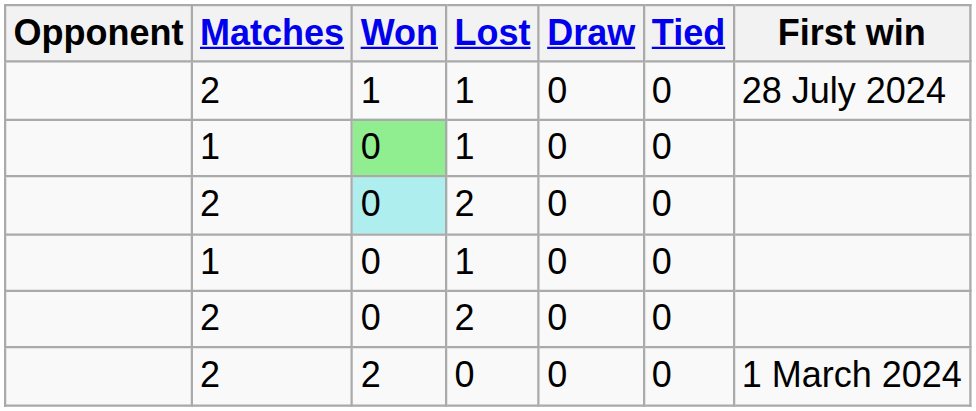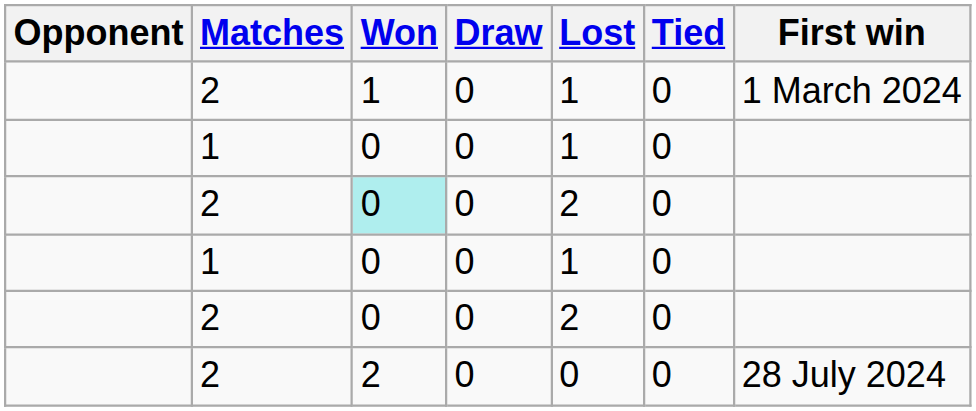 <table class="wikitable plainrowheaders sortable">
 <tr>
 <th scope="col">Opponent</th>
 <th scope="col"><a href='#'>Matches</a></th>
 <th scope="col"><a href='#'>Won</a></th>
+<th scope="col"><a href='#'>Draw</a></th>
 <th scope="col"><a href='#'>Lost</a></th>
-<th scope="col"><a href='#'>Draw</a></th>
 <th scope="col"><a href='#'>Tied</a></th>
 <th scope="col">First win</th>
 </tr>
 <tr>
 <td style="text-align:left;"></td>
 <td>2</td>
 <td>1</td>
+<td>0</td>
 <td>1</td>
 <td>0</td>
-<td>0</td>
-<td>28 July 2024</td>
+<td>1 March 2024</td>
 </tr>
 <tr>
 <td style="text-align:left;"></td>
 <td>1</td>
-<td style="background: lightgreen;">0</td>
+<td>0</td>
+<td>0</td>
 <td>1</td>
-<td>0</td>
 <td>0</td>
 <td></td>
 </tr>
 <tr>
 <td style="text-align:left;"></td>
 <td>2</td>
 <td style="background: paleturquoise;">0</td>
+<td>0</td>
 <td>2</td>
-<td>0</td>
 <td>0</td>
 <td></td>
 </tr>
 <tr>
 <td style="text-align:left;"></td>
 <td>1</td>
 <td>0</td>
+<td>0</td>
 <td>1</td>
-<td>0</td>
 <td>0</td>
 <td></td>
 </tr>
 <tr>
 <td style="text-align:left;"></td>
 <td>2</td>
 <td>0</td>
+<td>0</td>
 <td>2</td>
-<td>0</td>
 <td>0</td>
 <td></td>
 </tr>
 <tr>
 <td style="text-align:left;"></td>
 <td>2</td>
 <td>2</td>
 <td>0</td>
 <td>0</td>
 <td>0</td>
-<td>1 March 2024</td>
+<td>28 July 2024</td>
 </tr>
 </table>
